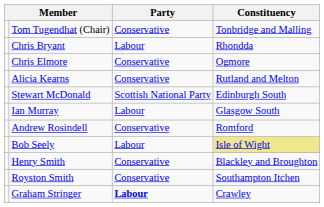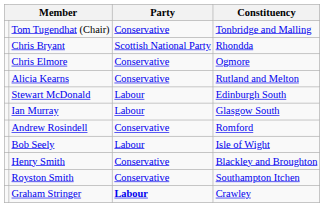 <table class="wikitable">
 <tr>
 <th colspan="2" valign="top">Member</th>
 <th valign="top">Party</th>
 <th valign="top">Constituency</th>
 </tr>
 <tr>
 <td style="color:inherit;background:"></td>
 <td><a href='#'>Tom Tugendhat</a> (Chair)</td>
 <td><a href='#'>Conservative</a></td>
 <td><a href='#'>Tonbridge and Malling</a></td>
 </tr>
 <tr>
 <td style="color:inherit;background:"></td>
 <td><a href='#'>Chris Bryant</a></td>
-<td><a href='#'>Labour</a></td>
+<td><a href='#'>Scottish National Party</a></td>
 <td><a href='#'>Rhondda</a></td>
 </tr>
 <tr>
 <td style="color:inherit;background:"></td>
 <td><a href='#'>Chris Elmore</a></td>
 <td><a href='#'>Conservative</a></td>
 <td><a href='#'>Ogmore</a></td>
 </tr>
 <tr>
 <td style="color:inherit;background:"></td>
 <td><a href='#'>Alicia Kearns</a></td>
 <td><a href='#'>Conservative</a></td>
 <td><a href='#'>Rutland and Melton</a></td>
 </tr>
 <tr>
 <td style="color:inherit;background:"></td>
 <td><a href='#'>Stewart McDonald</a></td>
-<td><a href='#'>Scottish National Party</a></td>
+<td><a href='#'>Labour</a></td>
 <td><a href='#'>Edinburgh South</a></td>
 </tr>
 <tr>
 <td style="color:inherit;background:"></td>
 <td><a href='#'>Ian Murray</a></td>
 <td><a href='#'>Labour</a></td>
 <td><a href='#'>Glasgow South</a></td>
 </tr>
 <tr>
 <td style="color:inherit;background:"></td>
 <td><a href='#'>Andrew Rosindell</a></td>
 <td><a href='#'>Conservative</a></td>
 <td><a href='#'>Romford</a></td>
 </tr>
 <tr>
 <td style="color:inherit;background:"></td>
 <td><a href='#'>Bob Seely</a></td>
 <td><a href='#'>Labour</a></td>
-<td style="background: khaki;"><a href='#'>Isle of Wight</a></td>
+<td><a href='#'>Isle of Wight</a></td>
 </tr>
 <tr>
 <td style="color:inherit;background:"></td>
 <td><a href='#'>Henry Smith</a></td>
 <td><a href='#'>Conservative</a></td>
 <td><a href='#'>Blackley and Broughton</a></td>
 </tr>
 <tr>
 <td style="color:inherit;background:"></td>
 <td><a href='#'>Royston Smith</a></td>
 <td><a href='#'>Conservative</a></td>
 <td><a href='#'>Southampton Itchen</a></td>
 </tr>
 <tr>
 <td style="color:inherit;background:"></td>
 <td><a href='#'>Graham Stringer</a></td>
 <td><strong><a href='#'>Labour</a></strong></td>
 <td><a href='#'>Crawley</a></td>
 </tr>
 </table>
